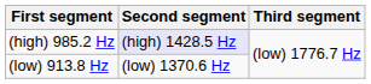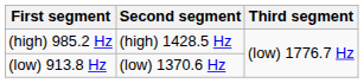 <table class="wikitable">
 <tr>
 <th>First segment</th>
 <th>Second segment</th>
 <th>Third segment</th>
 </tr>
 <tr>
 <td>(high) 985.2 <a href='#'>Hz</a></td>
-<td style="background: lavender;">(high) 1428.5 <a href='#'>Hz</a></td>
+<td>(high) 1428.5 <a href='#'>Hz</a></td>
 <td rowspan=2>(low) 1776.7 <a href='#'>Hz</a></td>
 </tr>
 <tr>
 <td>(low) 913.8 <a href='#'>Hz</a></td>
 <td>(low) 1370.6 <a href='#'>Hz</a></td>
 </tr>
 </table>
